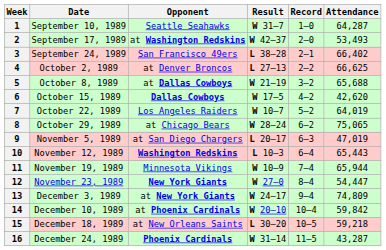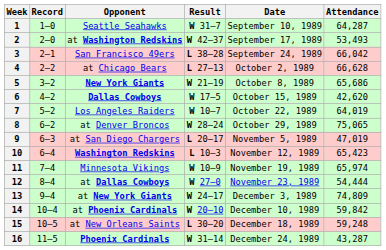 <table class="wikitable" style="text-align:center">
 <tr>
 <th>Week</th>
-<th>Date</th>
+<th>Record</th>
 <th>Opponent</th>
 <th>Result</th>
-<th>Record</th>
+<th>Date</th>
 <th>Attendance</th>
 </tr>
 <tr style="background:#cfc">
 <th>1</th>
-<td>September 10, 1989</td>
+<td>1–0</td>
 <td><a href='#'>Seattle Seahawks</a></td>
 <td><strong>W</strong> 31–7</td>
-<td>1–0</td>
+<td>September 10, 1989</td>
 <td>64,287</td>
 </tr>
 <tr style="background:#cfc">
 <th>2</th>
-<td>September 17, 1989</td>
+<td>2–0</td>
 <td>at <strong><a href='#'>Washington Redskins</a></strong></td>
 <td><strong>W</strong> 42–37</td>
-<td>2–0</td>
+<td>September 17, 1989</td>
 <td>53,493</td>
 </tr>
 <tr style="background:#fcc">
 <th>3</th>
-<td>September 24, 1989</td>
+<td>2–1</td>
 <td><a href='#'>San Francisco 49ers</a></td>
 <td><strong>L</strong> 38–28</td>
-<td>2–1</td>
-<td>66,402</td>
+<td>September 24, 1989</td>
+<td>66,042</td>
 </tr>
 <tr style="background:#fcc">
 <th>4</th>
+<td>2–2</td>
+<td>at <a href='#'>Chicago Bears</a></td>
+<td><strong>L</strong> 27–13</td>
 <td>October 2, 1989</td>
-<td>at <a href='#'>Denver Broncos</a></td>
-<td><strong>L</strong> 27–13</td>
-<td>2–2</td>
-<td>66,625</td>
+<td>66,628</td>
 </tr>
 <tr style="background:#cfc">
 <th>5</th>
+<td>3–2</td>
+<td><strong><a href='#'>New York Giants</a></strong></td>
+<td><strong>W</strong> 21–19</td>
 <td>October 8, 1989</td>
-<td>at <strong><a href='#'>Dallas Cowboys</a></strong></td>
-<td><strong>W</strong> 21–19</td>
-<td>3–2</td>
-<td>65,688</td>
+<td>65,686</td>
 </tr>
 <tr style="background:#cfc">
 <th>6</th>
-<td>October 15, 1989</td>
+<td>4–2</td>
 <td><strong><a href='#'>Dallas Cowboys</a></strong></td>
 <td><strong>W</strong> 17–5</td>
-<td>4–2</td>
+<td>October 15, 1989</td>
 <td>42,620</td>
 </tr>
 <tr style="background:#cfc">
 <th>7</th>
-<td>October 22, 1989</td>
+<td>5–2</td>
 <td><a href='#'>Los Angeles Raiders</a></td>
 <td><strong>W</strong> 10–7</td>
-<td>5–2</td>
+<td>October 22, 1989</td>
 <td>64,019</td>
 </tr>
 <tr style="background:#cfc">
 <th>8</th>
+<td>6–2</td>
+<td>at <a href='#'>Denver Broncos</a></td>
+<td><strong>W</strong> 28–24</td>
 <td>October 29, 1989</td>
-<td>at <a href='#'>Chicago Bears</a></td>
-<td><strong>W</strong> 28–24</td>
-<td>6–2</td>
 <td>75,065</td>
 </tr>
 <tr style="background:#fcc">
 <th>9</th>
-<td>November 5, 1989</td>
+<td>6–3</td>
 <td>at <a href='#'>San Diego Chargers</a></td>
 <td><strong>L</strong> 20–17</td>
-<td>6–3</td>
+<td>November 5, 1989</td>
 <td>47,019</td>
 </tr>
 <tr style="background:#fcc">
 <th>10</th>
-<td>November 12, 1989</td>
+<td>6–4</td>
 <td><strong><a href='#'>Washington Redskins</a></strong></td>
 <td><strong>L</strong> 10–3</td>
-<td>6–4</td>
-<td>65,443</td>
+<td>November 12, 1989</td>
+<td>65,423</td>
 </tr>
 <tr style="background:#cfc">
 <th>11</th>
-<td>November 19, 1989</td>
+<td>7–4</td>
 <td><a href='#'>Minnesota Vikings</a></td>
 <td><strong>W</strong> 10–9</td>
-<td>7–4</td>
-<td>65,944</td>
+<td>November 19, 1989</td>
+<td>65,974</td>
 </tr>
 <tr style="background:#cfc">
 <th>12</th>
+<td>8–4</td>
+<td>at <strong><a href='#'>Dallas Cowboys</a></strong></td>
+<td><strong>W</strong> <a href='#'>27–0</a></td>
 <td><a href='#'>November 23, 1989</a></td>
-<td><strong><a href='#'>New York Giants</a></strong></td>
-<td><strong>W</strong> <a href='#'>27–0</a></td>
-<td>8–4</td>
-<td>54,447</td>
+<td>54,444</td>
 </tr>
 <tr style="background:#cfc">
 <th>13</th>
-<td>December 3, 1989</td>
+<td>9–4</td>
 <td>at <strong><a href='#'>New York Giants</a></strong></td>
 <td><strong>W</strong> 24–17</td>
-<td>9–4</td>
+<td>December 3, 1989</td>
 <td>74,809</td>
 </tr>
 <tr style="background:#cfc">
 <th>14</th>
-<td>December 10, 1989</td>
+<td>10–4</td>
 <td>at <strong><a href='#'>Phoenix Cardinals</a></strong></td>
 <td><strong>W</strong> <a href='#'>20–10</a></td>
-<td>10–4</td>
+<td>December 10, 1989</td>
 <td>59,842</td>
 </tr>
 <tr style="background:#fcc">
 <th>15</th>
-<td>December 18, 1989</td>
+<td>10–5</td>
 <td>at <a href='#'>New Orleans Saints</a></td>
 <td><strong>L</strong> 30–20</td>
-<td>10–5</td>
-<td>59,218</td>
+<td>December 18, 1989</td>
+<td>59,248</td>
 </tr>
 <tr style="background:#cfc">
 <th>16</th>
-<td>December 24, 1989</td>
+<td>11–5</td>
 <td><strong><a href='#'>Phoenix Cardinals</a></strong></td>
 <td><strong>W</strong> 31–14</td>
-<td>11–5</td>
+<td>December 24, 1989</td>
 <td>43,287</td>
 </tr>
 </table>
